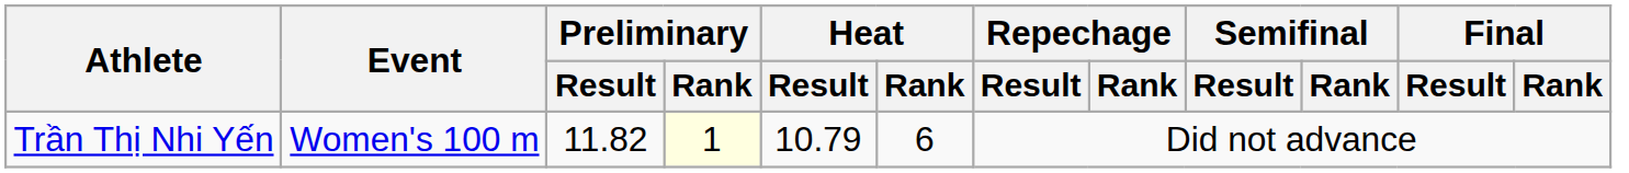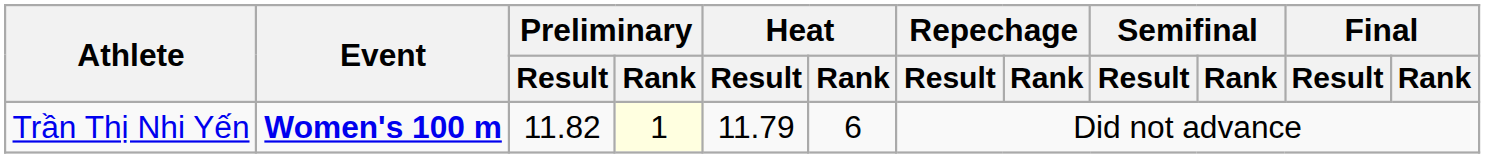 <table class="wikitable" style="font-size:90%">
 <tr>
 <th rowspan="2">Athlete</th>
 <th rowspan="2">Event</th>
 <th colspan="2">Preliminary</th>
 <th colspan="2">Heat</th>
 <th colspan="2">Repechage</th>
 <th colspan="2">Semifinal</th>
 <th colspan="2">Final</th>
 </tr>
 <tr style="font-size:95%">
 <th>Result</th>
 <th>Rank</th>
 <th>Result</th>
 <th>Rank</th>
 <th>Result</th>
 <th>Rank</th>
 <th>Result</th>
 <th>Rank</th>
 <th>Result</th>
 <th>Rank</th>
 </tr>
 <tr align=center>
 <td align=left><a href='#'>Trần Thị Nhi Yến</a></td>
-<td align=left><a href='#'>Women's 100 m</a></td>
+<td align=left><strong><a href='#'>Women's 100 m</a></strong></td>
 <td>11.82</td>
 <td style="background: lightyellow;">1</td>
-<td>10.79</td>
+<td>11.79</td>
 <td>6</td>
 <td colspan=6>Did not advance</td>
 </tr>
 </table>
